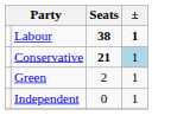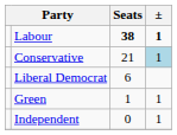 <table class="sortable wikitable">
 <tr>
 <th colspan="2">Party</th>
 <th>Seats</th>
 <th>  ±  </th>
 </tr>
 <tr>
 <td style="background-color: "></td>
 <td><a href='#'>Labour</a></td>
 <td align="center"><strong>38</strong></td>
 <td align="center"><strong>1</strong></td>
 </tr>
 <tr>
 <td style="background-color: "></td>
 <td><a href='#'>Conservative</a></td>
-<td align="center"><strong>21</strong></td>
+<td align="center">21</td>
 <td align="center" style="background: lightblue;">1</td>
 </tr>
 <tr>
 <td style="background-color: "></td>
+<td><a href='#'>Liberal Democrat</a></td>
+<td align="center">6</td>
+<td align="center"></td>
+</tr>
+<tr>
+<td style="background-color: "></td>
 <td><a href='#'>Green</a></td>
-<td align="center">2</td>
+<td align="center">1</td>
 <td align="center">1</td>
 </tr>
 <tr>
 <td style="background-color: "></td>
 <td><a href='#'>Independent</a></td>
 <td align="center">0</td>
 <td align="center">1</td>
 </tr>
 <tr>
 </tr>
 </table>
